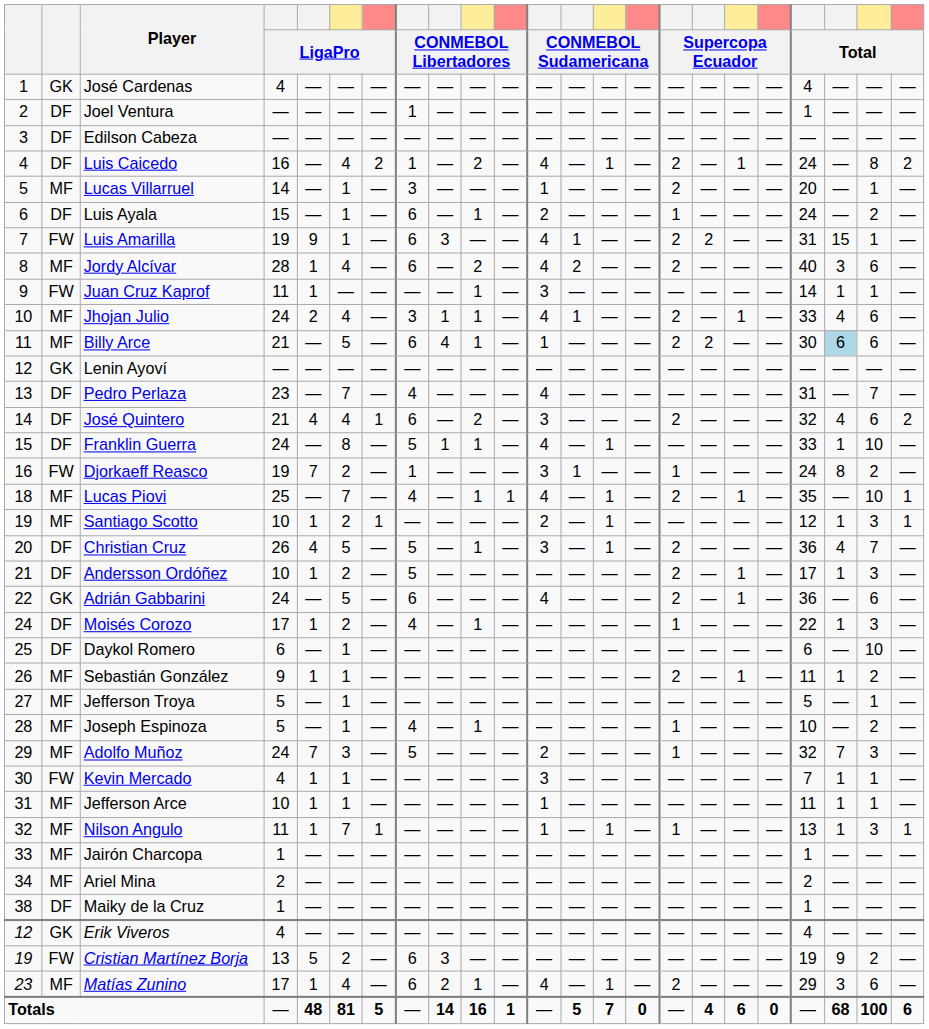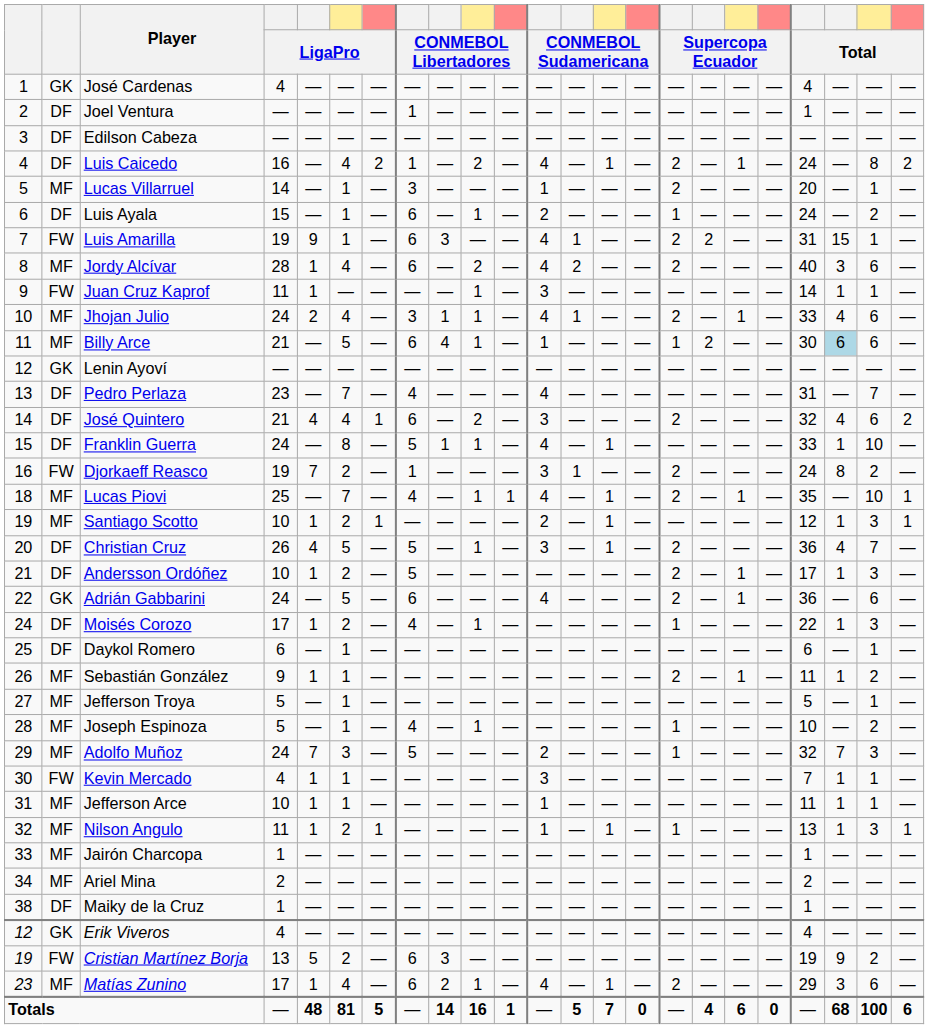 <table class="wikitable sortable" style="text-align: center;">
 <tr>
 <th rowspan="2" width=30 align="center"><br></th>
 <th rowspan="2" width=30 align="center"><br></th>
 <th rowspan="2" width=175 align="center">Player<br></th>
 <th width=25 style="background:"><br></th>
 <th width=25 style="background:"><br></th>
 <th width=25 style="background: #FFEE99"><br></th>
 <th width=25 style="border-right:2px solid grey; background:#FF8888"><br></th>
 <th width=25 style="background:"><br></th>
 <th width=25 style="background:"><br></th>
 <th width=25 style="background: #FFEE99"><br></th>
 <th width=25 style="border-right:2px solid grey; background:#FF8888"><br></th>
 <th width=25 style="background:"><br></th>
 <th width=25 style="background:"><br></th>
 <th width=25 style="background: #FFEE99"><br></th>
 <th width=25 style="border-right:2px solid grey; background:#FF8888"><br></th>
 <th width=25 style="background:"><br></th>
 <th width=25 style="background:"><br></th>
 <th width=25 style="background: #FFEE99"><br></th>
 <th width=25 style="border-right:2px solid grey; background:#FF8888"><br></th>
 <th width=25 style="background:"><br></th>
 <th width=25 style="background:"><br></th>
 <th width=25 style="background: #FFEE99"><br></th>
 <th width=25 style="background: #FF8888"><br></th>
 </tr>
 <tr class="sortbottom">
 <th colspan="4" style="border-right:2px solid grey;" align="center"><a href='#'>LigaPro</a></th>
 <th colspan="4" style="border-right:2px solid grey;" align="center"><a href='#'>CONMEBOL<br>Libertadores</a></th>
 <th colspan="4" style="border-right:2px solid grey;" align="center"><a href='#'>CONMEBOL<br>Sudamericana</a></th>
 <th colspan="4" style="border-right:2px solid grey;" align="center"><a href='#'>Supercopa<br>Ecuador</a></th>
 <th colspan="4" align="center">Total</th>
 </tr>
 <tr>
 <td>1</td>
 <td>GK</td>
 <td align=left>José Cardenas</td>
 <td>4</td>
 <td>—</td>
 <td>—</td>
 <td>—</td>
 <td style="border-left:2px solid grey">—</td>
 <td>—</td>
 <td>—</td>
 <td>—</td>
 <td style="border-left:2px solid grey">—</td>
 <td>—</td>
 <td>—</td>
 <td>—</td>
 <td style="border-left:2px solid grey">—</td>
 <td>—</td>
 <td>—</td>
 <td>—</td>
 <td style="border-left:2px solid grey">4</td>
 <td>—</td>
 <td>—</td>
 <td>—</td>
 </tr>
 <tr>
 <td>2</td>
 <td>DF</td>
 <td align=left>Joel Ventura</td>
 <td>—</td>
 <td>—</td>
 <td>—</td>
 <td>—</td>
 <td style="border-left:2px solid grey">1</td>
 <td>—</td>
 <td>—</td>
 <td>—</td>
 <td style="border-left:2px solid grey">—</td>
 <td>—</td>
 <td>—</td>
 <td>—</td>
 <td style="border-left:2px solid grey">—</td>
 <td>—</td>
 <td>—</td>
 <td>—</td>
 <td style="border-left:2px solid grey">1</td>
 <td>—</td>
 <td>—</td>
 <td>—</td>
 </tr>
 <tr>
 <td>3</td>
 <td>DF</td>
 <td align=left>Edilson Cabeza</td>
 <td>—</td>
 <td>—</td>
 <td>—</td>
 <td>—</td>
 <td style="border-left:2px solid grey">—</td>
 <td>—</td>
 <td>—</td>
 <td>—</td>
 <td style="border-left:2px solid grey">—</td>
 <td>—</td>
 <td>—</td>
 <td>—</td>
 <td style="border-left:2px solid grey">—</td>
 <td>—</td>
 <td>—</td>
 <td>—</td>
 <td style="border-left:2px solid grey">—</td>
 <td>—</td>
 <td>—</td>
 <td>—</td>
 </tr>
 <tr>
 <td>4</td>
 <td>DF</td>
 <td align=left><a href='#'>Luis Caicedo</a></td>
 <td>16</td>
 <td>—</td>
 <td>4</td>
 <td>2</td>
 <td style="border-left:2px solid grey">1</td>
 <td>—</td>
 <td>2</td>
 <td>—</td>
 <td style="border-left:2px solid grey">4</td>
 <td>—</td>
 <td>1</td>
 <td>—</td>
 <td style="border-left:2px solid grey">2</td>
 <td>—</td>
 <td>1</td>
 <td>—</td>
 <td style="border-left:2px solid grey">24</td>
 <td>—</td>
 <td>8</td>
 <td>2</td>
 </tr>
 <tr>
 <td>5</td>
 <td>MF</td>
 <td align=left><a href='#'>Lucas Villarruel</a></td>
 <td>14</td>
 <td>—</td>
 <td>1</td>
 <td>—</td>
 <td style="border-left:2px solid grey">3</td>
 <td>—</td>
 <td>—</td>
 <td>—</td>
 <td style="border-left:2px solid grey">1</td>
 <td>—</td>
 <td>—</td>
 <td>—</td>
 <td style="border-left:2px solid grey">2</td>
 <td>—</td>
 <td>—</td>
 <td>—</td>
 <td style="border-left:2px solid grey">20</td>
 <td>—</td>
 <td>1</td>
 <td>—</td>
 </tr>
 <tr>
 <td>6</td>
 <td>DF</td>
 <td align=left>Luis Ayala</td>
 <td>15</td>
 <td>—</td>
 <td>1</td>
 <td>—</td>
 <td style="border-left:2px solid grey">6</td>
 <td>—</td>
 <td>1</td>
 <td>—</td>
 <td style="border-left:2px solid grey">2</td>
 <td>—</td>
 <td>—</td>
 <td>—</td>
 <td style="border-left:2px solid grey">1</td>
 <td>—</td>
 <td>—</td>
 <td>—</td>
 <td style="border-left:2px solid grey">24</td>
 <td>—</td>
 <td>2</td>
 <td>—</td>
 </tr>
 <tr>
 <td>7</td>
 <td>FW</td>
 <td align=left><a href='#'>Luis Amarilla</a></td>
 <td>19</td>
 <td>9</td>
 <td>1</td>
 <td>—</td>
 <td style="border-left:2px solid grey">6</td>
 <td>3</td>
 <td>—</td>
 <td>—</td>
 <td style="border-left:2px solid grey">4</td>
 <td>1</td>
 <td>—</td>
 <td>—</td>
 <td style="border-left:2px solid grey">2</td>
 <td>2</td>
 <td>—</td>
 <td>—</td>
 <td style="border-left:2px solid grey">31</td>
 <td>15</td>
 <td>1</td>
 <td>—</td>
 </tr>
 <tr>
 <td>8</td>
 <td>MF</td>
 <td align=left><a href='#'>Jordy Alcívar</a></td>
 <td>28</td>
 <td>1</td>
 <td>4</td>
 <td>—</td>
 <td style="border-left:2px solid grey">6</td>
 <td>—</td>
 <td>2</td>
 <td>—</td>
 <td style="border-left:2px solid grey">4</td>
 <td>2</td>
 <td>—</td>
 <td>—</td>
 <td style="border-left:2px solid grey">2</td>
 <td>—</td>
 <td>—</td>
 <td>—</td>
 <td style="border-left:2px solid grey">40</td>
 <td>3</td>
 <td>6</td>
 <td>—</td>
 </tr>
 <tr>
 <td>9</td>
 <td>FW</td>
 <td align=left><a href='#'>Juan Cruz Kaprof</a></td>
 <td>11</td>
 <td>1</td>
 <td>—</td>
 <td>—</td>
 <td style="border-left:2px solid grey">—</td>
 <td>—</td>
 <td>1</td>
 <td>—</td>
 <td style="border-left:2px solid grey">3</td>
 <td>—</td>
 <td>—</td>
 <td>—</td>
 <td style="border-left:2px solid grey">—</td>
 <td>—</td>
 <td>—</td>
 <td>—</td>
 <td style="border-left:2px solid grey">14</td>
 <td>1</td>
 <td>1</td>
 <td>—</td>
 </tr>
 <tr>
 <td>10</td>
 <td>MF</td>
 <td align=left><a href='#'>Jhojan Julio</a></td>
 <td>24</td>
 <td>2</td>
 <td>4</td>
 <td>—</td>
 <td style="border-left:2px solid grey">3</td>
 <td>1</td>
 <td>1</td>
 <td>—</td>
 <td style="border-left:2px solid grey">4</td>
 <td>1</td>
 <td>—</td>
 <td>—</td>
 <td style="border-left:2px solid grey">2</td>
 <td>—</td>
 <td>1</td>
 <td>—</td>
 <td style="border-left:2px solid grey">33</td>
 <td>4</td>
 <td>6</td>
 <td>—</td>
 </tr>
 <tr>
 <td>11</td>
 <td>MF</td>
 <td align=left><a href='#'>Billy Arce</a></td>
 <td>21</td>
 <td>—</td>
 <td>5</td>
 <td>—</td>
 <td style="border-left:2px solid grey">6</td>
 <td>4</td>
 <td>1</td>
 <td>—</td>
 <td style="border-left:2px solid grey">1</td>
 <td>—</td>
 <td>—</td>
 <td>—</td>
-<td style="border-left:2px solid grey">2</td>
+<td style="border-left:2px solid grey">1</td>
 <td>2</td>
 <td>—</td>
 <td>—</td>
 <td style="border-left:2px solid grey">30</td>
 <td style="background: lightblue;">6</td>
 <td>6</td>
 <td>—</td>
 </tr>
 <tr>
 <td>12</td>
 <td>GK</td>
 <td align=left>Lenin Ayoví</td>
 <td>—</td>
 <td>—</td>
 <td>—</td>
 <td>—</td>
 <td style="border-left:2px solid grey">—</td>
 <td>—</td>
 <td>—</td>
 <td>—</td>
 <td style="border-left:2px solid grey">—</td>
 <td>—</td>
 <td>—</td>
 <td>—</td>
 <td style="border-left:2px solid grey">—</td>
 <td>—</td>
 <td>—</td>
 <td>—</td>
 <td style="border-left:2px solid grey">—</td>
 <td>—</td>
 <td>—</td>
 <td>—</td>
 </tr>
 <tr>
 <td>13</td>
 <td>DF</td>
 <td align=left><a href='#'>Pedro Perlaza</a></td>
 <td>23</td>
 <td>—</td>
 <td>7</td>
 <td>—</td>
 <td style="border-left:2px solid grey">4</td>
 <td>—</td>
 <td>—</td>
 <td>—</td>
 <td style="border-left:2px solid grey">4</td>
 <td>—</td>
 <td>—</td>
 <td>—</td>
 <td style="border-left:2px solid grey">—</td>
 <td>—</td>
 <td>—</td>
 <td>—</td>
 <td style="border-left:2px solid grey">31</td>
 <td>—</td>
 <td>7</td>
 <td>—</td>
 </tr>
 <tr>
 <td>14</td>
 <td>DF</td>
 <td align=left><a href='#'>José Quintero</a></td>
 <td>21</td>
 <td>4</td>
 <td>4</td>
 <td>1</td>
 <td style="border-left:2px solid grey">6</td>
 <td>—</td>
 <td>2</td>
 <td>—</td>
 <td style="border-left:2px solid grey">3</td>
 <td>—</td>
 <td>—</td>
 <td>—</td>
 <td style="border-left:2px solid grey">2</td>
 <td>—</td>
 <td>—</td>
 <td>—</td>
 <td style="border-left:2px solid grey">32</td>
 <td>4</td>
 <td>6</td>
 <td>2</td>
 </tr>
 <tr>
 <td>15</td>
 <td>DF</td>
 <td align=left><a href='#'>Franklin Guerra</a></td>
 <td>24</td>
 <td>—</td>
 <td>8</td>
 <td>—</td>
 <td style="border-left:2px solid grey">5</td>
 <td>1</td>
 <td>1</td>
 <td>—</td>
 <td style="border-left:2px solid grey">4</td>
 <td>—</td>
 <td>1</td>
 <td>—</td>
 <td style="border-left:2px solid grey">—</td>
 <td>—</td>
 <td>—</td>
 <td>—</td>
 <td style="border-left:2px solid grey">33</td>
 <td>1</td>
 <td>10</td>
 <td>—</td>
 </tr>
 <tr>
 <td>16</td>
 <td>FW</td>
 <td align=left><a href='#'>Djorkaeff Reasco</a></td>
 <td>19</td>
 <td>7</td>
 <td>2</td>
 <td>—</td>
 <td style="border-left:2px solid grey">1</td>
 <td>—</td>
 <td>—</td>
 <td>—</td>
 <td style="border-left:2px solid grey">3</td>
 <td>1</td>
 <td>—</td>
 <td>—</td>
-<td style="border-left:2px solid grey">1</td>
+<td style="border-left:2px solid grey">2</td>
 <td>—</td>
 <td>—</td>
 <td>—</td>
 <td style="border-left:2px solid grey">24</td>
 <td>8</td>
 <td>2</td>
 <td>—</td>
 </tr>
 <tr>
 <td>18</td>
 <td>MF</td>
 <td align=left><a href='#'>Lucas Piovi</a></td>
 <td>25</td>
 <td>—</td>
 <td>7</td>
 <td>—</td>
 <td style="border-left:2px solid grey">4</td>
 <td>—</td>
 <td>1</td>
 <td>1</td>
 <td style="border-left:2px solid grey">4</td>
 <td>—</td>
 <td>1</td>
 <td>—</td>
 <td style="border-left:2px solid grey">2</td>
 <td>—</td>
 <td>1</td>
 <td>—</td>
 <td style="border-left:2px solid grey">35</td>
 <td>—</td>
 <td>10</td>
 <td>1</td>
 </tr>
 <tr>
 <td>19</td>
 <td>MF</td>
 <td align=left><a href='#'>Santiago Scotto</a></td>
 <td>10</td>
 <td>1</td>
 <td>2</td>
 <td>1</td>
 <td style="border-left:2px solid grey">—</td>
 <td>—</td>
 <td>—</td>
 <td>—</td>
 <td style="border-left:2px solid grey">2</td>
 <td>—</td>
 <td>1</td>
 <td>—</td>
 <td style="border-left:2px solid grey">—</td>
 <td>—</td>
 <td>—</td>
 <td>—</td>
 <td style="border-left:2px solid grey">12</td>
 <td>1</td>
 <td>3</td>
 <td>1</td>
 </tr>
 <tr>
 <td>20</td>
 <td>DF</td>
 <td align=left><a href='#'>Christian Cruz</a></td>
 <td>26</td>
 <td>4</td>
 <td>5</td>
 <td>—</td>
 <td style="border-left:2px solid grey">5</td>
 <td>—</td>
 <td>1</td>
 <td>—</td>
 <td style="border-left:2px solid grey">3</td>
 <td>—</td>
 <td>1</td>
 <td>—</td>
 <td style="border-left:2px solid grey">2</td>
 <td>—</td>
 <td>—</td>
 <td>—</td>
 <td style="border-left:2px solid grey">36</td>
 <td>4</td>
 <td>7</td>
 <td>—</td>
 </tr>
 <tr>
 <td>21</td>
 <td>DF</td>
 <td align=left><a href='#'>Andersson Ordóñez</a></td>
 <td>10</td>
 <td>1</td>
 <td>2</td>
 <td>—</td>
 <td style="border-left:2px solid grey">5</td>
 <td>—</td>
 <td>—</td>
 <td>—</td>
 <td style="border-left:2px solid grey">—</td>
 <td>—</td>
 <td>—</td>
 <td>—</td>
 <td style="border-left:2px solid grey">2</td>
 <td>—</td>
 <td>1</td>
 <td>—</td>
 <td style="border-left:2px solid grey">17</td>
 <td>1</td>
 <td>3</td>
 <td>—</td>
 </tr>
 <tr>
 <td>22</td>
 <td>GK</td>
 <td align=left><a href='#'>Adrián Gabbarini</a></td>
 <td>24</td>
 <td>—</td>
 <td>5</td>
 <td>—</td>
 <td style="border-left:2px solid grey">6</td>
 <td>—</td>
 <td>—</td>
 <td>—</td>
 <td style="border-left:2px solid grey">4</td>
 <td>—</td>
 <td>—</td>
 <td>—</td>
 <td style="border-left:2px solid grey">2</td>
 <td>—</td>
 <td>1</td>
 <td>—</td>
 <td style="border-left:2px solid grey">36</td>
 <td>—</td>
 <td>6</td>
 <td>—</td>
 </tr>
 <tr>
 <td>24</td>
 <td>DF</td>
 <td align=left><a href='#'>Moisés Corozo</a></td>
 <td>17</td>
 <td>1</td>
 <td>2</td>
 <td>—</td>
 <td style="border-left:2px solid grey">4</td>
 <td>—</td>
 <td>1</td>
 <td>—</td>
 <td style="border-left:2px solid grey">—</td>
 <td>—</td>
 <td>—</td>
 <td>—</td>
 <td style="border-left:2px solid grey">1</td>
 <td>—</td>
 <td>—</td>
 <td>—</td>
 <td style="border-left:2px solid grey">22</td>
 <td>1</td>
 <td>3</td>
 <td>—</td>
 </tr>
 <tr>
 <td>25</td>
 <td>DF</td>
 <td align=left>Daykol Romero</td>
 <td>6</td>
 <td>—</td>
 <td>1</td>
 <td>—</td>
 <td style="border-left:2px solid grey">—</td>
 <td>—</td>
 <td>—</td>
 <td>—</td>
 <td style="border-left:2px solid grey">—</td>
 <td>—</td>
 <td>—</td>
 <td>—</td>
 <td style="border-left:2px solid grey">—</td>
 <td>—</td>
 <td>—</td>
 <td>—</td>
 <td style="border-left:2px solid grey">6</td>
 <td>—</td>
-<td>10</td>
+<td>1</td>
 <td>—</td>
 </tr>
 <tr>
 <td>26</td>
 <td>MF</td>
 <td align=left>Sebastián González</td>
 <td>9</td>
 <td>1</td>
 <td>1</td>
 <td>—</td>
 <td style="border-left:2px solid grey">—</td>
 <td>—</td>
 <td>—</td>
 <td>—</td>
 <td style="border-left:2px solid grey">—</td>
 <td>—</td>
 <td>—</td>
 <td>—</td>
 <td style="border-left:2px solid grey">2</td>
 <td>—</td>
 <td>1</td>
 <td>—</td>
 <td style="border-left:2px solid grey">11</td>
 <td>1</td>
 <td>2</td>
 <td>—</td>
 </tr>
 <tr>
 <td>27</td>
 <td>MF</td>
 <td align=left>Jefferson Troya</td>
 <td>5</td>
 <td>—</td>
 <td>1</td>
 <td>—</td>
 <td style="border-left:2px solid grey">—</td>
 <td>—</td>
 <td>—</td>
 <td>—</td>
 <td style="border-left:2px solid grey">—</td>
 <td>—</td>
 <td>—</td>
 <td>—</td>
 <td style="border-left:2px solid grey">—</td>
 <td>—</td>
 <td>—</td>
 <td>—</td>
 <td style="border-left:2px solid grey">5</td>
 <td>—</td>
 <td>1</td>
 <td>—</td>
 </tr>
 <tr>
 <td>28</td>
 <td>MF</td>
 <td align=left>Joseph Espinoza</td>
 <td>5</td>
 <td>—</td>
 <td>1</td>
 <td>—</td>
 <td style="border-left:2px solid grey">4</td>
 <td>—</td>
 <td>1</td>
 <td>—</td>
 <td style="border-left:2px solid grey">—</td>
 <td>—</td>
 <td>—</td>
 <td>—</td>
 <td style="border-left:2px solid grey">1</td>
 <td>—</td>
 <td>—</td>
 <td>—</td>
 <td style="border-left:2px solid grey">10</td>
 <td>—</td>
 <td>2</td>
 <td>—</td>
 </tr>
 <tr>
 <td>29</td>
 <td>MF</td>
 <td align=left><a href='#'>Adolfo Muñoz</a></td>
 <td>24</td>
 <td>7</td>
 <td>3</td>
 <td>—</td>
 <td style="border-left:2px solid grey">5</td>
 <td>—</td>
 <td>—</td>
 <td>—</td>
 <td style="border-left:2px solid grey">2</td>
 <td>—</td>
 <td>—</td>
 <td>—</td>
 <td style="border-left:2px solid grey">1</td>
 <td>—</td>
 <td>—</td>
 <td>—</td>
 <td style="border-left:2px solid grey">32</td>
 <td>7</td>
 <td>3</td>
 <td>—</td>
 </tr>
 <tr>
 <td>30</td>
 <td>FW</td>
 <td align=left><a href='#'>Kevin Mercado</a></td>
 <td>4</td>
 <td>1</td>
 <td>1</td>
 <td>—</td>
 <td style="border-left:2px solid grey">—</td>
 <td>—</td>
 <td>—</td>
 <td>—</td>
 <td style="border-left:2px solid grey">3</td>
 <td>—</td>
 <td>—</td>
 <td>—</td>
 <td style="border-left:2px solid grey">—</td>
 <td>—</td>
 <td>—</td>
 <td>—</td>
 <td style="border-left:2px solid grey">7</td>
 <td>1</td>
 <td>1</td>
 <td>—</td>
 </tr>
 <tr>
 <td>31</td>
 <td>MF</td>
 <td align=left>Jefferson Arce</td>
 <td>10</td>
 <td>1</td>
 <td>1</td>
 <td>—</td>
 <td style="border-left:2px solid grey">—</td>
 <td>—</td>
 <td>—</td>
 <td>—</td>
 <td style="border-left:2px solid grey">1</td>
 <td>—</td>
 <td>—</td>
 <td>—</td>
 <td style="border-left:2px solid grey">—</td>
 <td>—</td>
 <td>—</td>
 <td>—</td>
 <td style="border-left:2px solid grey">11</td>
 <td>1</td>
 <td>1</td>
 <td>—</td>
 </tr>
 <tr>
 <td>32</td>
 <td>MF</td>
 <td align=left><a href='#'>Nilson Angulo</a></td>
 <td>11</td>
 <td>1</td>
-<td>7</td>
+<td>2</td>
 <td>1</td>
 <td style="border-left:2px solid grey">—</td>
 <td>—</td>
 <td>—</td>
 <td>—</td>
 <td style="border-left:2px solid grey">1</td>
 <td>—</td>
 <td>1</td>
 <td>—</td>
 <td style="border-left:2px solid grey">1</td>
 <td>—</td>
 <td>—</td>
 <td>—</td>
 <td style="border-left:2px solid grey">13</td>
 <td>1</td>
 <td>3</td>
 <td>1</td>
 </tr>
 <tr>
 <td>33</td>
 <td>MF</td>
 <td align=left>Jairón Charcopa</td>
 <td>1</td>
 <td>—</td>
 <td>—</td>
 <td>—</td>
 <td style="border-left:2px solid grey">—</td>
 <td>—</td>
 <td>—</td>
 <td>—</td>
 <td style="border-left:2px solid grey">—</td>
 <td>—</td>
 <td>—</td>
 <td>—</td>
 <td style="border-left:2px solid grey">—</td>
 <td>—</td>
 <td>—</td>
 <td>—</td>
 <td style="border-left:2px solid grey">1</td>
 <td>—</td>
 <td>—</td>
 <td>—</td>
 </tr>
 <tr>
 <td>34</td>
 <td>MF</td>
 <td align=left>Ariel Mina</td>
 <td>2</td>
 <td>—</td>
 <td>—</td>
 <td>—</td>
 <td style="border-left:2px solid grey">—</td>
 <td>—</td>
 <td>—</td>
 <td>—</td>
 <td style="border-left:2px solid grey">—</td>
 <td>—</td>
 <td>—</td>
 <td>—</td>
 <td style="border-left:2px solid grey">—</td>
 <td>—</td>
 <td>—</td>
 <td>—</td>
 <td style="border-left:2px solid grey">2</td>
 <td>—</td>
 <td>—</td>
 <td>—</td>
 </tr>
 <tr>
 <td>38</td>
 <td>DF</td>
 <td align=left>Maiky de la Cruz</td>
 <td>1</td>
 <td>—</td>
 <td>—</td>
 <td>—</td>
 <td style="border-left:2px solid grey">—</td>
 <td>—</td>
 <td>—</td>
 <td>—</td>
 <td style="border-left:2px solid grey">—</td>
 <td>—</td>
 <td>—</td>
 <td>—</td>
 <td style="border-left:2px solid grey">—</td>
 <td>—</td>
 <td>—</td>
 <td>—</td>
 <td style="border-left:2px solid grey">1</td>
 <td>—</td>
 <td>—</td>
 <td>—</td>
 </tr>
 <tr>
 </tr>
 <tr style="border-top:2px solid grey">
 <td><em>12</em></td>
 <td>GK</td>
 <td align=left><em>Erik Viveros</em></td>
 <td>4</td>
 <td>—</td>
 <td>—</td>
 <td>—</td>
 <td style="border-left:2px solid grey">—</td>
 <td>—</td>
 <td>—</td>
 <td>—</td>
 <td style="border-left:2px solid grey">—</td>
 <td>—</td>
 <td>—</td>
 <td>—</td>
 <td style="border-left:2px solid grey">—</td>
 <td>—</td>
 <td>—</td>
 <td>—</td>
 <td style="border-left:2px solid grey">4</td>
 <td>—</td>
 <td>—</td>
 <td>—</td>
 </tr>
 <tr>
 <td><em>19</em></td>
 <td>FW</td>
 <td align=left><em><a href='#'>Cristian Martínez Borja</a></em></td>
 <td>13</td>
 <td>5</td>
 <td>2</td>
 <td>—</td>
 <td style="border-left:2px solid grey">6</td>
 <td>3</td>
 <td>—</td>
 <td>—</td>
 <td style="border-left:2px solid grey">—</td>
 <td>—</td>
 <td>—</td>
 <td>—</td>
 <td style="border-left:2px solid grey">—</td>
 <td>—</td>
 <td>—</td>
 <td>—</td>
 <td style="border-left:2px solid grey">19</td>
 <td>9</td>
 <td>2</td>
 <td>—</td>
 </tr>
 <tr>
 <td><em>23</em></td>
 <td>MF</td>
 <td align=left><em><a href='#'>Matías Zunino</a></em></td>
 <td>17</td>
 <td>1</td>
 <td>4</td>
 <td>—</td>
 <td style="border-left:2px solid grey">6</td>
 <td>2</td>
 <td>1</td>
 <td>—</td>
 <td style="border-left:2px solid grey">4</td>
 <td>—</td>
 <td>1</td>
 <td>—</td>
 <td style="border-left:2px solid grey">2</td>
 <td>—</td>
 <td>—</td>
 <td>—</td>
 <td style="border-left:2px solid grey">29</td>
 <td>3</td>
 <td>6</td>
 <td>—</td>
 </tr>
 <tr>
 </tr>
 <tr class="sortbottom" style="border-top:2px solid grey">
 <td colspan=3 align=left><strong>Totals</strong></td>
 <td>—</td>
 <td><strong>48</strong></td>
 <td><strong>81</strong></td>
 <td><strong>5</strong></td>
 <td style="border-left:2px solid grey">—</td>
 <td><strong>14</strong></td>
 <td><strong>16</strong></td>
 <td><strong>1</strong></td>
 <td style="border-left:2px solid grey">—</td>
 <td><strong>5</strong></td>
 <td><strong>7</strong></td>
 <td><strong>0</strong></td>
 <td style="border-left:2px solid grey">—</td>
 <td><strong>4</strong></td>
 <td><strong>6</strong></td>
 <td><strong>0</strong></td>
 <td style="border-left:2px solid grey">—</td>
 <td><strong>68</strong></td>
 <td><strong>100</strong></td>
 <td><strong>6</strong></td>
 </tr>
 </table>
